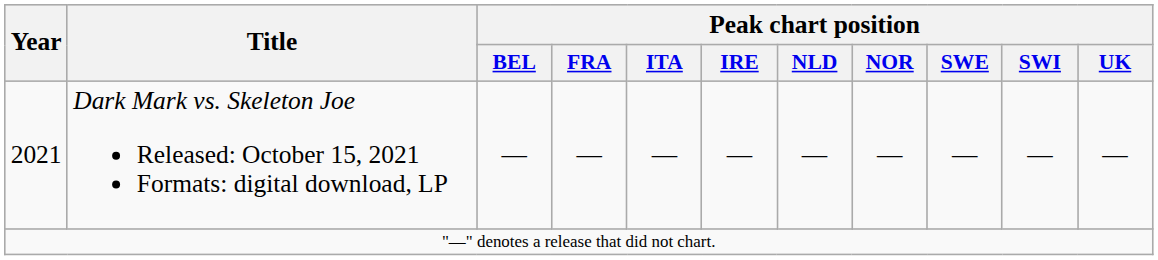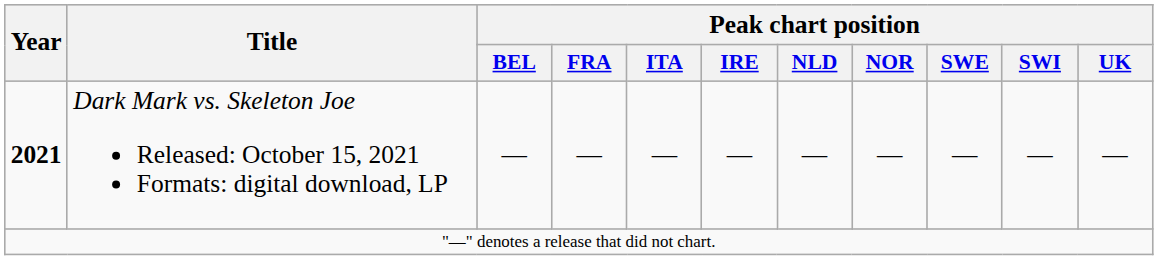 <table class="wikitable">
 <tr>
 <th rowspan="2">Year</th>
 <th rowspan="2" style="width:250px;">Title</th>
 <th colspan="9">Peak chart position</th>
 </tr>
 <tr>
 <th style="width:3em;font-size:85%"><a href='#'>BEL</a><br></th>
 <th style="width:3em;font-size:85%"><a href='#'>FRA</a><br></th>
 <th style="width:3em;font-size:85%"><a href='#'>ITA</a><br></th>
 <th style="width:3em;font-size:85%"><a href='#'>IRE</a><br></th>
 <th style="width:3em;font-size:85%"><a href='#'>NLD</a><br></th>
 <th style="width:3em;font-size:85%"><a href='#'>NOR</a><br></th>
 <th style="width:3em;font-size:85%"><a href='#'>SWE</a><br></th>
 <th style="width:3em;font-size:85%"><a href='#'>SWI</a><br></th>
 <th style="width:3em;font-size:85%"><a href='#'>UK</a><br></th>
 </tr>
 <tr>
-<td>2021</td>
+<td><strong>2021</strong></td>
 <td><em>Dark Mark vs. Skeleton Joe</em><br><ul><li>Released: October 15, 2021</li><li>Formats: digital download, LP</li></ul></td>
 <td style="text-align:center;">—</td>
 <td style="text-align:center;">—</td>
 <td style="text-align:center;">—</td>
 <td style="text-align:center;">—</td>
 <td style="text-align:center;">—</td>
 <td style="text-align:center;">—</td>
 <td style="text-align:center;">—</td>
 <td style="text-align:center;">—</td>
 <td style="text-align:center;">—</td>
 </tr>
 <tr>
 <td colspan="20" style="text-align:center; font-size:8pt;">"—" denotes a release that did not chart.</td>
 </tr>
 </table>
